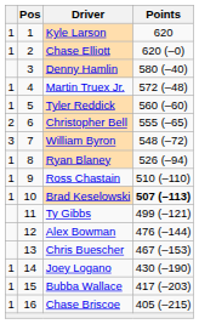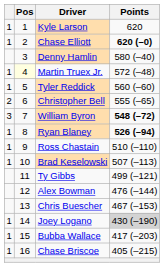 <table class="wikitable" style="font-size: 95%;">
 <tr>
 <th></th>
 <th>Pos</th>
 <th>Driver</th>
 <th>Points</th>
 </tr>
 <tr>
 <td align="left"> 1</td>
 <td style="text-align:center;">1</td>
 <td style="background:#FFDEAD;"><a href='#'>Kyle Larson</a></td>
 <td style="text-align:center;">620</td>
 </tr>
 <tr>
 <td align="left"> 1</td>
 <td style="text-align:center;">2</td>
 <td style="background:#FFDEAD;"><a href='#'>Chase Elliott</a></td>
-<td style="text-align:center;">620 (–0)</td>
+<td style="text-align:center;"><strong>620 (–0)</strong></td>
 </tr>
 <tr>
 <td align="left"></td>
 <td style="text-align:center;">3</td>
 <td style="background:#FFDEAD;"><a href='#'>Denny Hamlin</a></td>
 <td style="text-align:center;">580 (–40)</td>
 </tr>
 <tr>
 <td align="left"> 1</td>
-<td style="text-align:center;">4</td>
+<td style="background: lightyellow; text-align:center;">4</td>
 <td><a href='#'>Martin Truex Jr.</a></td>
 <td style="text-align:center;">572 (–48)</td>
 </tr>
 <tr>
 <td align="left"> 1</td>
 <td style="text-align:center;">5</td>
 <td style="background:#FFDEAD;"><a href='#'>Tyler Reddick</a></td>
 <td style="text-align:center;">560 (–60)</td>
 </tr>
 <tr>
 <td align="left"> 2</td>
 <td style="text-align:center;">6</td>
 <td style="background:#FFDEAD;"><a href='#'>Christopher Bell</a></td>
 <td style="text-align:center;">555 (–65)</td>
 </tr>
 <tr>
 <td align="left"> 3</td>
 <td style="text-align:center;">7</td>
 <td style="background:#FFDEAD;"><a href='#'>William Byron</a></td>
-<td style="text-align:center;">548 (–72)</td>
+<td style="text-align:center;"><strong>548 (–72)</strong></td>
 </tr>
 <tr>
 <td align="left"> 1</td>
 <td style="text-align:center;">8</td>
 <td style="background:#FFDEAD;"><a href='#'>Ryan Blaney</a></td>
-<td style="text-align:center;">526 (–94)</td>
+<td style="text-align:center;"><strong>526 (–94)</strong></td>
 </tr>
 <tr>
 <td align="left"> 1</td>
 <td style="text-align:center;">9</td>
 <td><a href='#'>Ross Chastain</a></td>
 <td style="text-align:center;">510 (–110)</td>
 </tr>
 <tr>
 <td align="left"> 1</td>
 <td style="text-align:center;">10</td>
 <td style="background:#FFDEAD;"><a href='#'>Brad Keselowski</a></td>
-<td style="text-align:center;"><strong>507 (–113)</strong></td>
+<td style="text-align:center;">507 (–113)</td>
 </tr>
 <tr>
 <td align="left"></td>
 <td style="text-align:center;">11</td>
 <td><a href='#'>Ty Gibbs</a></td>
 <td style="text-align:center;">499 (–121)</td>
 </tr>
 <tr>
 <td align="left"></td>
 <td style="text-align:center;">12</td>
 <td><a href='#'>Alex Bowman</a></td>
 <td style="text-align:center;">476 (–144)</td>
 </tr>
 <tr>
 <td align="left"></td>
 <td style="text-align:center;">13</td>
 <td><a href='#'>Chris Buescher</a></td>
 <td style="text-align:center;">467 (–153)</td>
 </tr>
 <tr>
 <td align="left"> 1</td>
 <td style="text-align:center;">14</td>
 <td><a href='#'>Joey Logano</a></td>
-<td style="text-align:center;">430 (–190)</td>
+<td style="background: lightgrey; text-align:center;">430 (–190)</td>
 </tr>
 <tr>
 <td align="left"> 1</td>
 <td style="text-align:center;">15</td>
 <td><a href='#'>Bubba Wallace</a></td>
 <td style="text-align:center;">417 (–203)</td>
 </tr>
 <tr>
 <td align="left"> 1</td>
 <td style="text-align:center;">16</td>
 <td><a href='#'>Chase Briscoe</a></td>
 <td style="text-align:center;">405 (–215)</td>
 </tr>
 <tr class="sortbottom">
 <th colspan="9"></th>
 </tr>
 </table>
